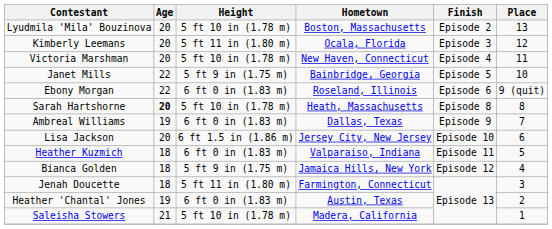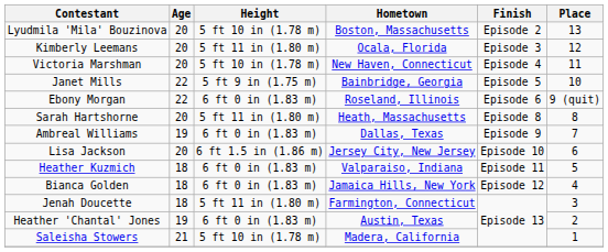 <table class="wikitable sortable" style="text-align:center;">
 <tr>
 <th>Contestant</th>
 <th>Age</th>
 <th>Height</th>
 <th>Hometown</th>
 <th>Finish</th>
 <th>Place</th>
 </tr>
 <tr>
 <td nowrap>Lyudmila 'Mila' Bouzinova</td>
 <td>20</td>
 <td>5 ft 10 in (1.78 m)</td>
 <td><a href='#'>Boston, Massachusetts</a></td>
 <td>Episode 2</td>
 <td>13</td>
 </tr>
 <tr>
 <td>Kimberly Leemans</td>
 <td>20</td>
 <td>5 ft 11 in (1.80 m)</td>
 <td><a href='#'>Ocala, Florida</a></td>
 <td>Episode 3</td>
 <td>12</td>
 </tr>
 <tr>
 <td>Victoria Marshman</td>
 <td>20</td>
 <td>5 ft 10 in (1.78 m)</td>
 <td nowrap><a href='#'>New Haven, Connecticut</a></td>
 <td>Episode 4</td>
 <td>11</td>
 </tr>
 <tr>
 <td>Janet Mills</td>
 <td>22</td>
 <td>5 ft 9 in (1.75 m)</td>
 <td><a href='#'>Bainbridge, Georgia</a></td>
 <td>Episode 5</td>
 <td>10</td>
 </tr>
 <tr>
 <td>Ebony Morgan</td>
 <td>22</td>
 <td>6 ft 0 in (1.83 m)</td>
 <td><a href='#'>Roseland, Illinois</a></td>
 <td>Episode 6</td>
 <td>9 (quit)</td>
 </tr>
 <tr>
 <td>Sarah Hartshorne</td>
-<td><strong>20</strong></td>
-<td>5 ft 10 in (1.78 m)</td>
+<td>20</td>
+<td>5 ft 11 in (1.80 m)</td>
 <td><a href='#'>Heath, Massachusetts</a></td>
 <td>Episode 8</td>
 <td>8</td>
 </tr>
 <tr>
 <td>Ambreal Williams</td>
 <td>19</td>
 <td>6 ft 0 in (1.83 m)</td>
 <td><a href='#'>Dallas, Texas</a></td>
 <td>Episode 9</td>
 <td>7</td>
 </tr>
 <tr>
 <td>Lisa Jackson</td>
 <td>20</td>
 <td nowrap>6 ft 1.5 in (1.86 m)</td>
 <td><a href='#'>Jersey City, New Jersey</a></td>
 <td nowrap>Episode 10</td>
 <td>6</td>
 </tr>
 <tr>
 <td><a href='#'>Heather Kuzmich</a></td>
 <td>18</td>
 <td>6 ft 0 in (1.83 m)</td>
 <td><a href='#'>Valparaiso, Indiana</a></td>
 <td>Episode 11</td>
 <td>5</td>
 </tr>
 <tr>
 <td>Bianca Golden</td>
 <td>18</td>
-<td>5 ft 9 in (1.75 m)</td>
+<td>6 ft 0 in (1.83 m)</td>
 <td><a href='#'>Jamaica Hills, New York</a></td>
 <td>Episode 12</td>
 <td>4</td>
 </tr>
 <tr>
 <td>Jenah Doucette</td>
 <td>18</td>
 <td>5 ft 11 in (1.80 m)</td>
 <td><a href='#'>Farmington, Connecticut</a></td>
 <td rowspan="3">Episode 13</td>
 <td>3</td>
 </tr>
 <tr>
 <td>Heather 'Chantal' Jones</td>
 <td>19</td>
 <td>6 ft 0 in (1.83 m)</td>
 <td><a href='#'>Austin, Texas</a></td>
 <td>2</td>
 </tr>
 <tr>
 <td><a href='#'>Saleisha Stowers</a></td>
 <td>21</td>
 <td>5 ft 10 in (1.78 m)</td>
 <td><a href='#'>Madera, California</a></td>
 <td>1</td>
 </tr>
 <tr>
 </tr>
 </table>
